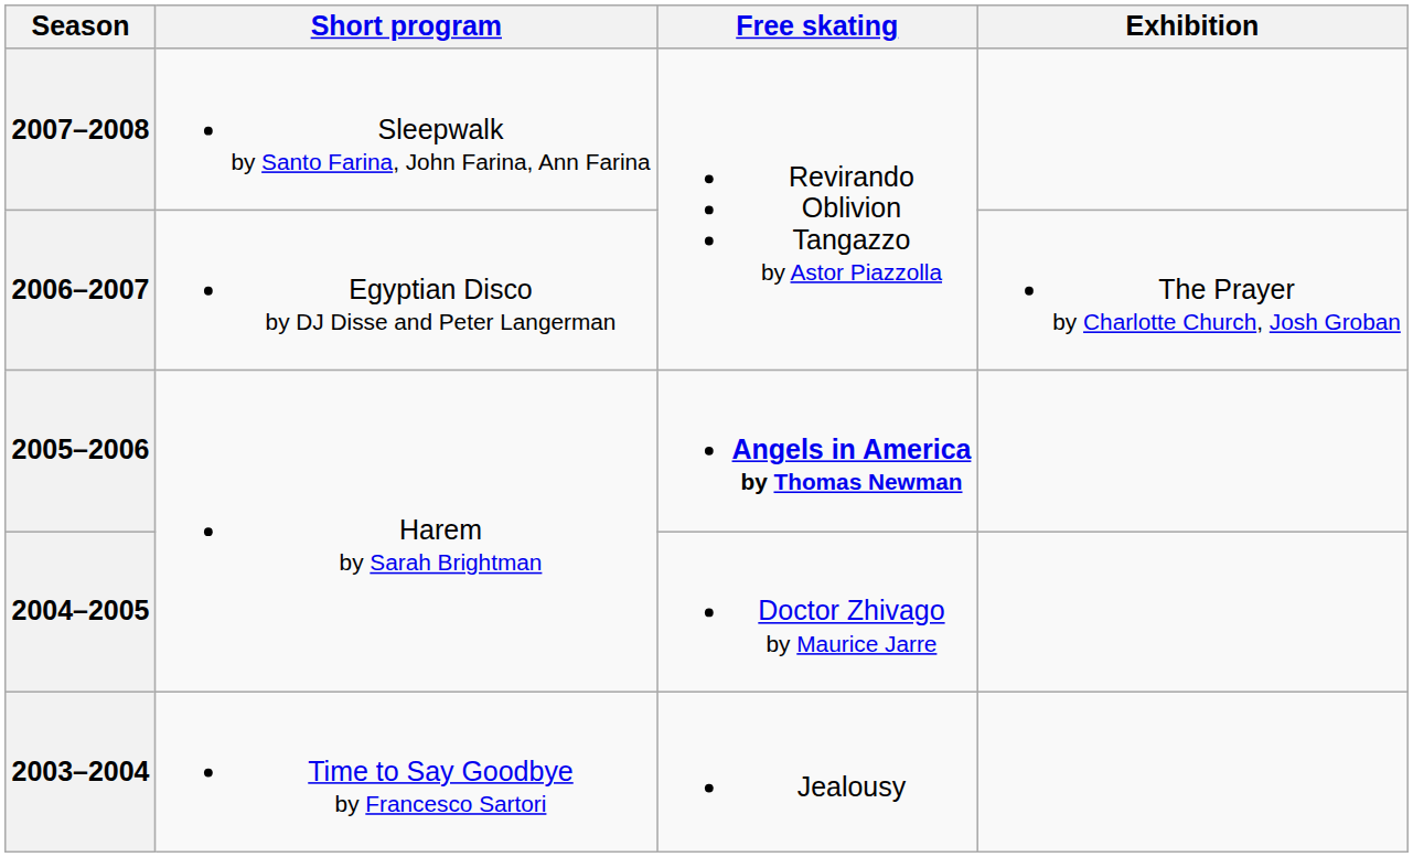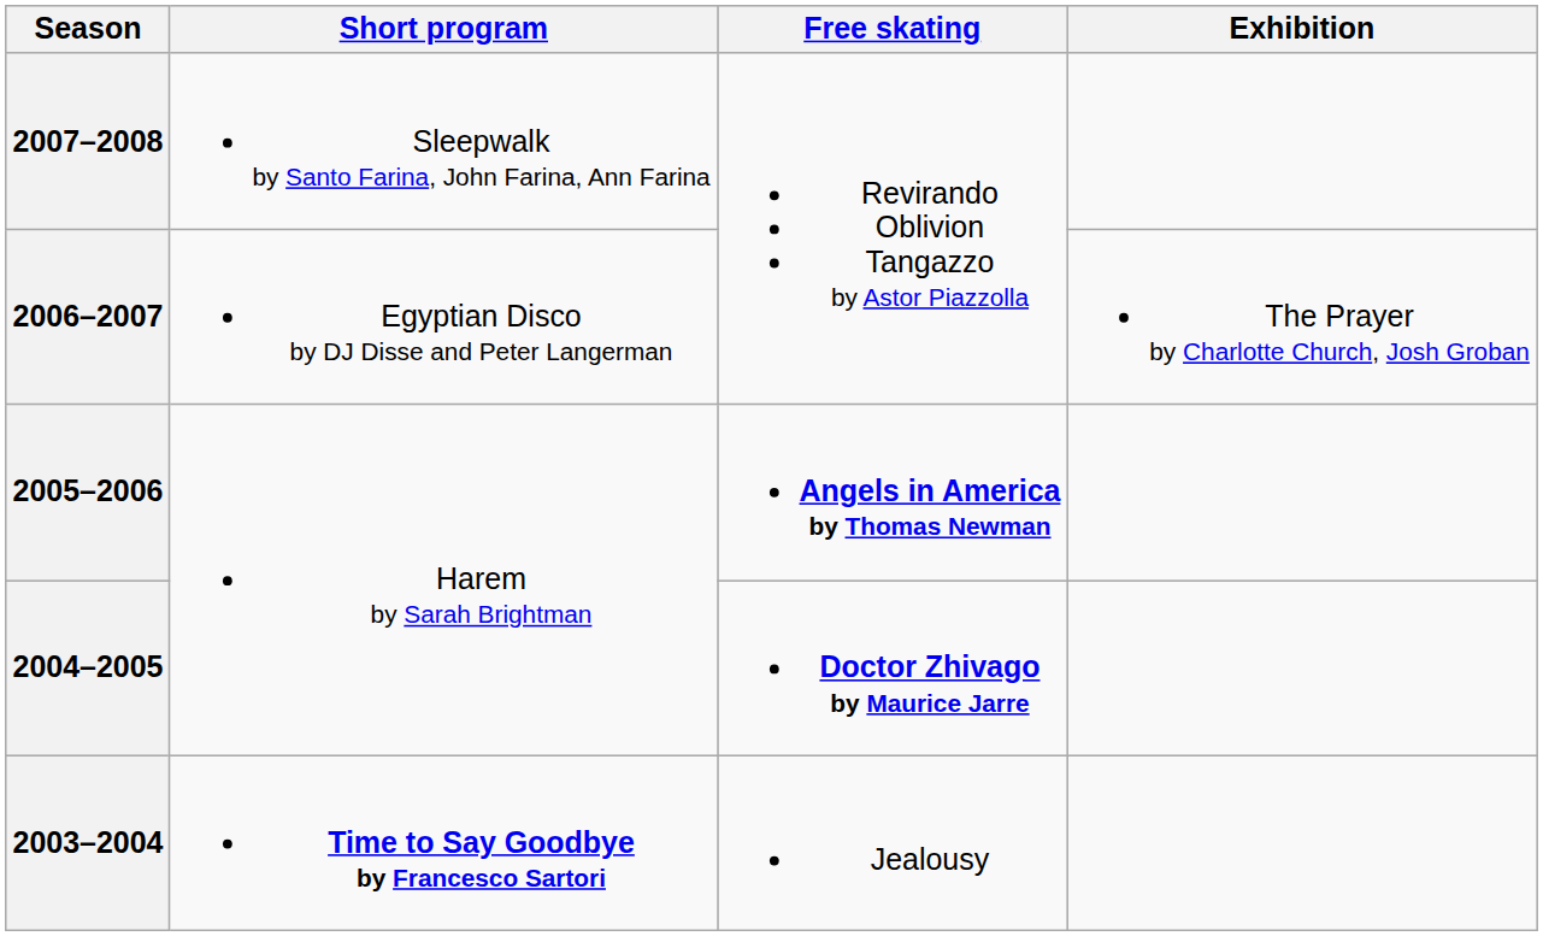 <table class=wikitable style=text-align:center>
 <tr>
 <th>Season</th>
 <th><a href='#'>Short program</a></th>
 <th><a href='#'>Free skating</a></th>
 <th>Exhibition</th>
 </tr>
 <tr>
 <th>2007–2008 <br></th>
 <td><br><ul><li>Sleepwalk <br><small> by <a href='#'>Santo Farina</a>, John Farina, Ann Farina </small></li></ul></td>
 <td rowspan=2><br><ul><li>Revirando</li><li>Oblivion</li><li>Tangazzo <br><small> by <a href='#'>Astor Piazzolla</a> </small></li></ul></td>
 <td></td>
 </tr>
 <tr>
 <th>2006–2007 <br></th>
 <td><br><ul><li>Egyptian Disco <br><small> by DJ Disse and Peter Langerman </small></li></ul></td>
 <td><br><ul><li>The Prayer <br><small> by <a href='#'>Charlotte Church</a>, <a href='#'>Josh Groban</a> </small></li></ul></td>
 </tr>
 <tr>
 <th>2005–2006</th>
 <td rowspan=2><br><ul><li>Harem <br><small> by <a href='#'>Sarah Brightman</a> </small></li></ul></td>
 <td><strong><br><ul><li><a href='#'>Angels in America</a> <br><small> by <a href='#'>Thomas Newman</a> </small></li></ul></strong></td>
 <td></td>
 </tr>
 <tr>
 <th>2004–2005</th>
-<td><br><ul><li><a href='#'>Doctor Zhivago</a> <br><small> by <a href='#'>Maurice Jarre</a> </small></li></ul></td>
+<td><strong><br><ul><li><a href='#'>Doctor Zhivago</a> <br><small> by <a href='#'>Maurice Jarre</a> </small></li></ul></strong></td>
 <td></td>
 </tr>
 <tr>
 <th>2003–2004</th>
-<td><br><ul><li><a href='#'>Time to Say Goodbye</a> <br><small> by <a href='#'>Francesco Sartori</a> </small></li></ul></td>
+<td><strong><br><ul><li><a href='#'>Time to Say Goodbye</a> <br><small> by <a href='#'>Francesco Sartori</a> </small></li></ul></strong></td>
 <td><br><ul><li>Jealousy</li></ul></td>
 <td></td>
 </tr>
 </table>
